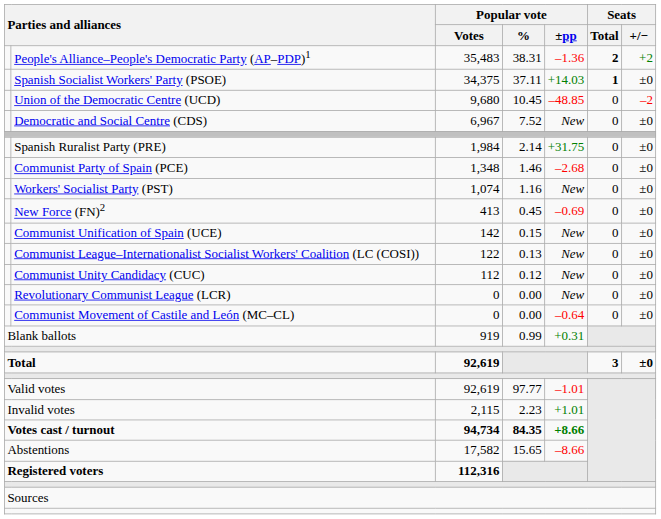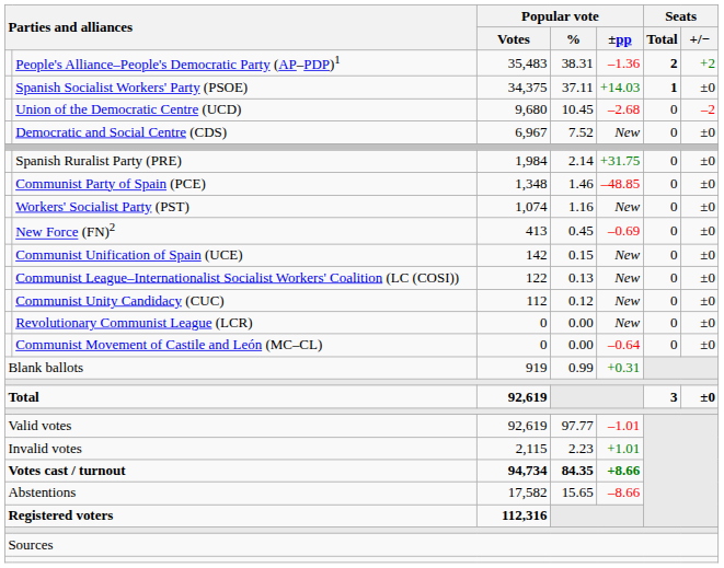 <table class="wikitable" style="text-align:right;">
 <tr>
 <th style="text-align:left;" rowspan="2" colspan="2" width="525">Parties and alliances</th>
 <th colspan="3">Popular vote</th>
 <th colspan="2">Seats</th>
 </tr>
 <tr>
 <th width="75">Votes</th>
 <th width="45">%</th>
 <th width="45">±<a href='#'>pp</a></th>
 <th width="35">Total</th>
 <th width="35">+/−</th>
 </tr>
 <tr>
 <td width="1" style="color:inherit;background:"></td>
 <td align="left"><a href='#'>People's Alliance–People's Democratic Party</a> (<a href='#'>AP</a>–<a href='#'>PDP</a>)<sup>1</sup></td>
 <td>35,483</td>
 <td>38.31</td>
 <td style="color:red;">–1.36</td>
 <td><strong>2</strong></td>
 <td style="color:green;">+2</td>
 </tr>
 <tr>
 <td style="color:inherit;background:"></td>
 <td align="left"><a href='#'>Spanish Socialist Workers' Party</a> (PSOE)</td>
 <td>34,375</td>
 <td>37.11</td>
 <td style="color:green;">+14.03</td>
 <td><strong>1</strong></td>
 <td>±0</td>
 </tr>
 <tr>
 <td style="color:inherit;background:"></td>
 <td align="left"><a href='#'>Union of the Democratic Centre</a> (UCD)</td>
 <td>9,680</td>
 <td>10.45</td>
-<td style="color:red;">–48.85</td>
+<td style="color:red;">–2.68</td>
 <td>0</td>
 <td style="color:red;">–2</td>
 </tr>
 <tr>
 <td style="color:inherit;background:"></td>
 <td align="left"><a href='#'>Democratic and Social Centre</a> (CDS)</td>
 <td>6,967</td>
 <td>7.52</td>
 <td><em>New</em></td>
 <td>0</td>
 <td>±0</td>
 </tr>
 <tr>
 <td colspan="7" bgcolor="#C0C0C0"></td>
 </tr>
 <tr>
 <td style="color:inherit;background:"></td>
 <td align="left">Spanish Ruralist Party (PRE)</td>
 <td>1,984</td>
 <td>2.14</td>
 <td style="color:green;">+31.75</td>
 <td>0</td>
 <td>±0</td>
 </tr>
 <tr>
 <td style="color:inherit;background:"></td>
 <td align="left"><a href='#'>Communist Party of Spain</a> (PCE)</td>
 <td>1,348</td>
 <td>1.46</td>
-<td style="color:red;">–2.68</td>
+<td style="color:red;">–48.85</td>
 <td>0</td>
 <td>±0</td>
 </tr>
 <tr>
 <td style="color:inherit;background:"></td>
 <td align="left"><a href='#'>Workers' Socialist Party</a> (PST)</td>
 <td>1,074</td>
 <td>1.16</td>
 <td><em>New</em></td>
 <td>0</td>
 <td>±0</td>
 </tr>
 <tr>
 <td style="color:inherit;background:"></td>
 <td align="left"><a href='#'>New Force</a> (FN)<sup>2</sup></td>
 <td>413</td>
 <td>0.45</td>
 <td style="color:red;">–0.69</td>
 <td>0</td>
 <td>±0</td>
 </tr>
 <tr>
 <td style="color:inherit;background:"></td>
 <td align="left"><a href='#'>Communist Unification of Spain</a> (UCE)</td>
 <td>142</td>
 <td>0.15</td>
 <td><em>New</em></td>
 <td>0</td>
 <td>±0</td>
 </tr>
 <tr>
 <td style="color:inherit;background:"></td>
 <td align="left"><a href='#'>Communist League–Internationalist Socialist Workers' Coalition</a> (LC (COSI))</td>
 <td>122</td>
 <td>0.13</td>
 <td><em>New</em></td>
 <td>0</td>
 <td>±0</td>
 </tr>
 <tr>
 <td style="color:inherit;background:"></td>
 <td align="left"><a href='#'>Communist Unity Candidacy</a> (CUC)</td>
 <td>112</td>
 <td>0.12</td>
 <td><em>New</em></td>
 <td>0</td>
 <td>±0</td>
 </tr>
 <tr>
 <td style="color:inherit;background:"></td>
 <td align="left"><a href='#'>Revolutionary Communist League</a> (LCR)</td>
 <td>0</td>
 <td>0.00</td>
 <td><em>New</em></td>
 <td>0</td>
 <td>±0</td>
 </tr>
 <tr>
 <td style="color:inherit;background:"></td>
 <td align="left"><a href='#'>Communist Movement of Castile and León</a> (MC–CL)</td>
 <td>0</td>
 <td>0.00</td>
 <td style="color:red;">–0.64</td>
 <td>0</td>
 <td>±0</td>
 </tr>
 <tr>
 <td align="left" colspan="2">Blank ballots</td>
 <td>919</td>
 <td>0.99</td>
 <td style="color:green;">+0.31</td>
 <td bgcolor="#E9E9E9" colspan="2"></td>
 </tr>
 <tr>
 <td colspan="7" bgcolor="#E9E9E9"></td>
 </tr>
 <tr style="font-weight:bold;">
 <td align="left" colspan="2">Total</td>
 <td>92,619</td>
 <td bgcolor="#E9E9E9" colspan="2"></td>
 <td>3</td>
 <td>±0</td>
 </tr>
 <tr>
 <td colspan="7" bgcolor="#E9E9E9"></td>
 </tr>
 <tr>
 <td align="left" colspan="2">Valid votes</td>
 <td>92,619</td>
 <td>97.77</td>
 <td style="color:red;">–1.01</td>
 <td bgcolor="#E9E9E9" colspan="2" rowspan="5"></td>
 </tr>
 <tr>
 <td align="left" colspan="2">Invalid votes</td>
 <td>2,115</td>
 <td>2.23</td>
 <td style="color:green;">+1.01</td>
 </tr>
 <tr style="font-weight:bold;">
 <td align="left" colspan="2">Votes cast / turnout</td>
 <td>94,734</td>
 <td>84.35</td>
 <td style="color:green;">+8.66</td>
 </tr>
 <tr>
 <td align="left" colspan="2">Abstentions</td>
 <td>17,582</td>
 <td>15.65</td>
 <td style="color:red;">–8.66</td>
 </tr>
 <tr style="font-weight:bold;">
 <td align="left" colspan="2">Registered voters</td>
 <td>112,316</td>
 <td bgcolor="#E9E9E9" colspan="2"></td>
 </tr>
 <tr>
 <td colspan="7" bgcolor="#E9E9E9"></td>
 </tr>
 <tr>
 <td align="left" colspan="7">Sources</td>
 </tr>
 <tr>
 <td colspan="7" style="text-align:left; max-width:790px;"></td>
 </tr>
 </table>
